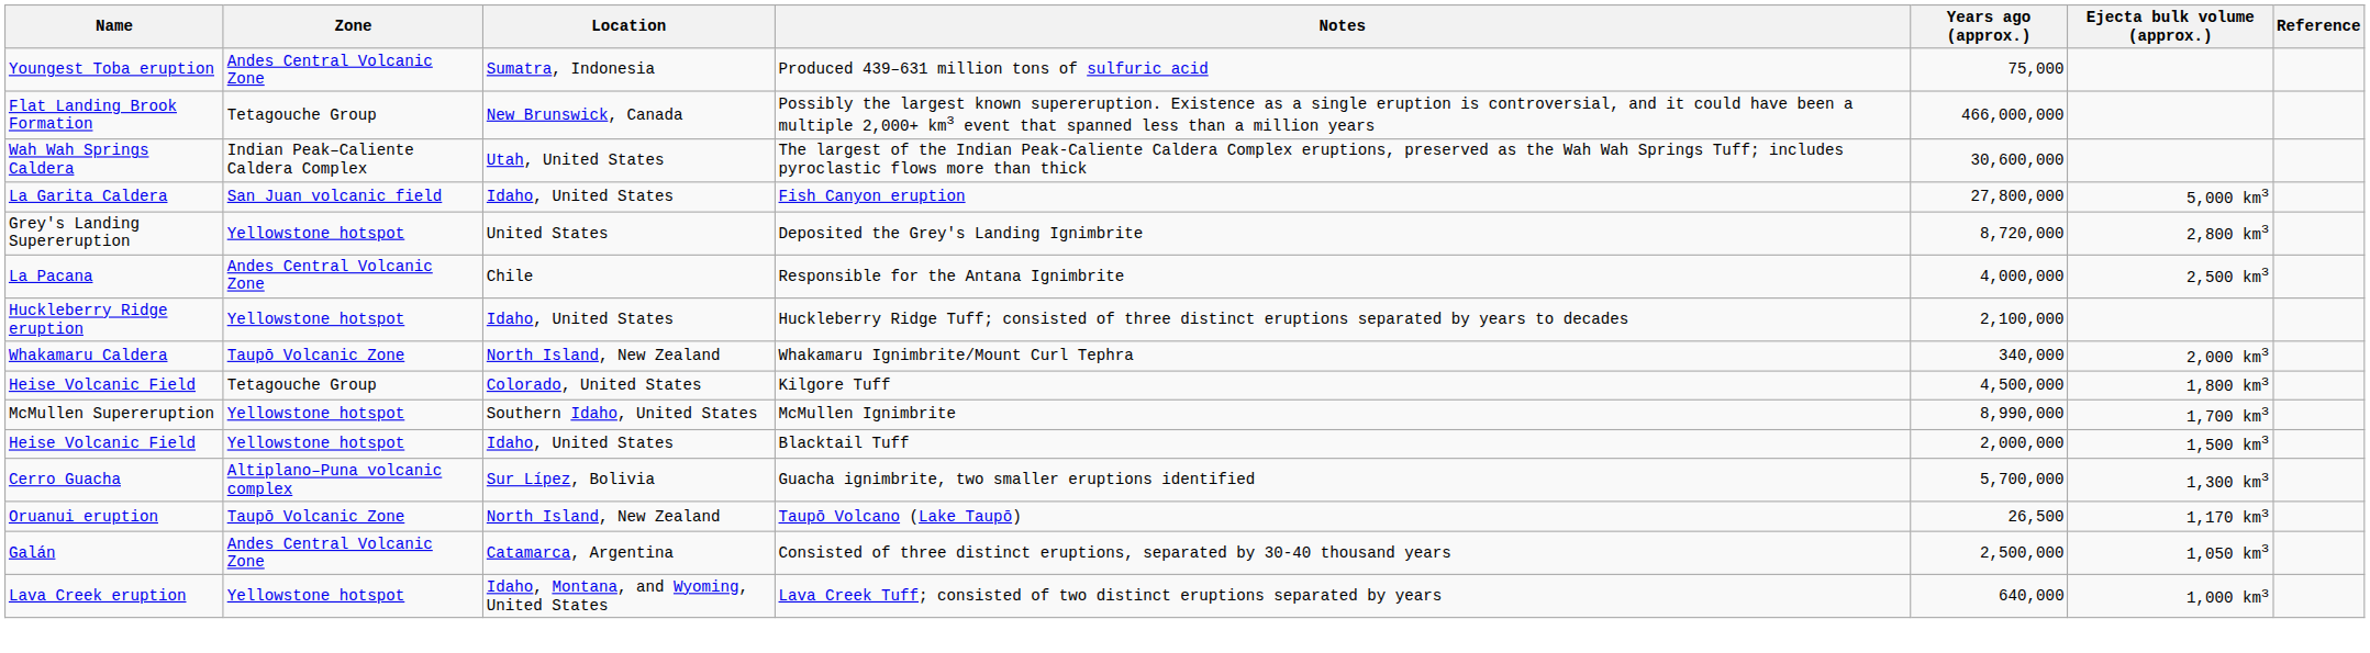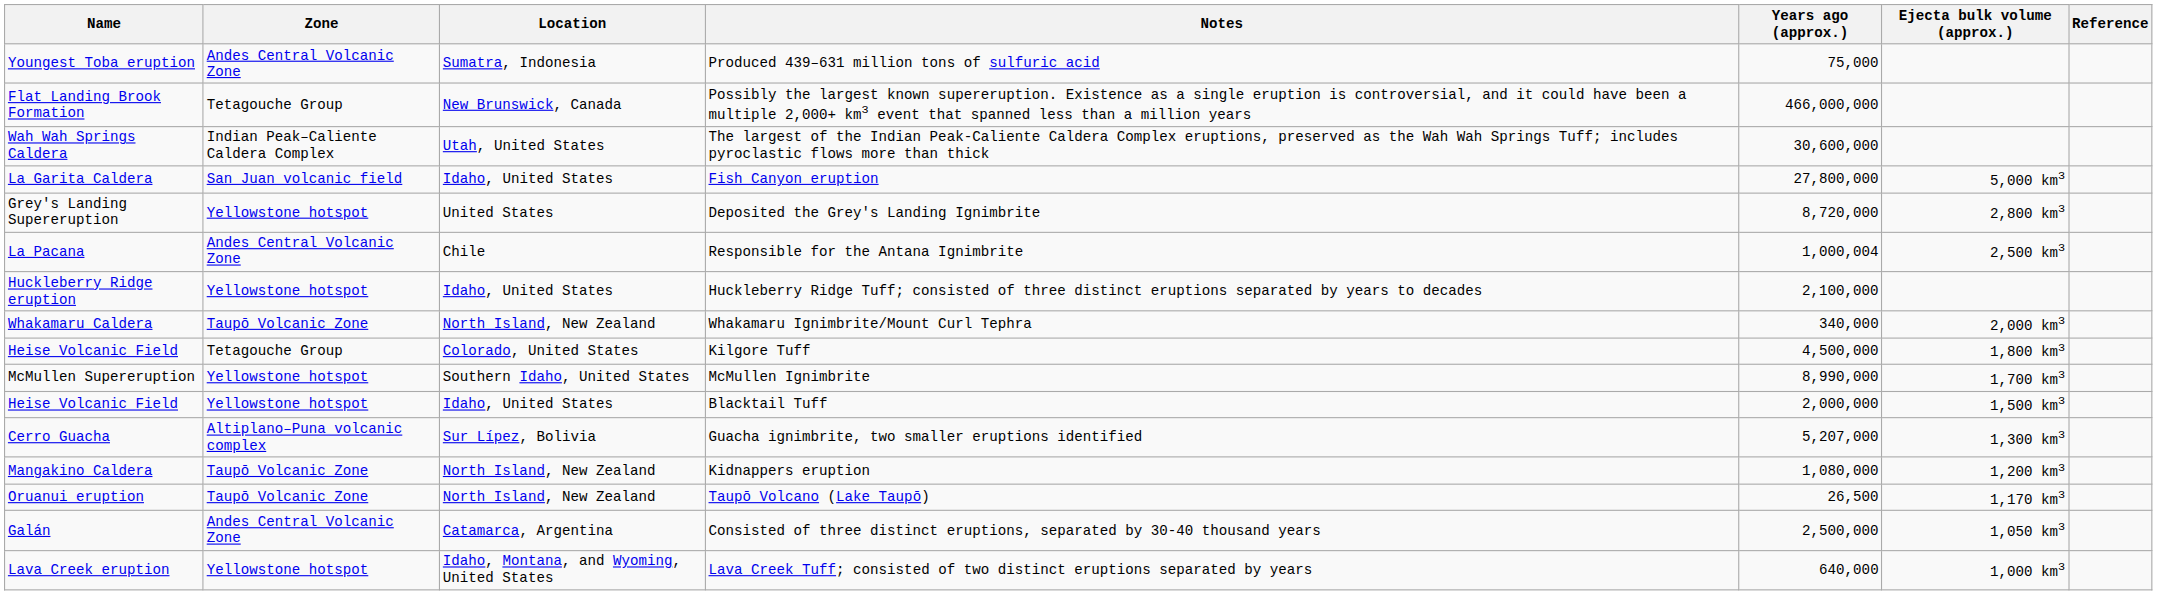 <table class="wikitable sortable mw-collapsible" style="whitespace:no-wrap">
 <tr>
 <th>Name</th>
 <th>Zone</th>
 <th>Location</th>
 <th class=unsortable>Notes</th>
 <th>Years ago (approx.)</th>
 <th>Ejecta bulk volume (approx.)</th>
 <th class=unsortable>Reference</th>
 </tr>
 <tr>
 <td><a href='#'>Youngest Toba eruption</a></td>
 <td><a href='#'>Andes Central Volcanic Zone</a></td>
 <td><a href='#'>Sumatra</a>, Indonesia</td>
 <td>Produced 439–631 million tons of <a href='#'>sulfuric acid</a></td>
 <td style="text-align:right;">75,000</td>
 <td style="text-align:right;"></td>
 <td></td>
 </tr>
 <tr>
 <td><a href='#'>Flat Landing Brook Formation</a></td>
 <td>Tetagouche Group</td>
 <td><a href='#'>New Brunswick</a>, Canada</td>
 <td>Possibly the largest known supereruption. Existence as a single eruption is controversial, and it could have been a multiple 2,000+ km<sup>3</sup> event that spanned less than a million years</td>
 <td style="text-align:right;">466,000,000</td>
 <td style="text-align:right;"></td>
 <td></td>
 </tr>
 <tr>
 <td><a href='#'>Wah Wah Springs Caldera</a></td>
 <td>Indian Peak–Caliente Caldera Complex</td>
 <td><a href='#'>Utah</a>, United States</td>
 <td>The largest of the Indian Peak-Caliente Caldera Complex eruptions, preserved as the Wah Wah Springs Tuff; includes pyroclastic flows more than  thick</td>
 <td style="text-align:right;">30,600,000</td>
 <td style="text-align:right;"></td>
 <td></td>
 </tr>
 <tr>
 <td><a href='#'>La Garita Caldera</a></td>
 <td><a href='#'>San Juan volcanic field</a></td>
 <td><a href='#'>Idaho</a>, United States</td>
 <td><a href='#'>Fish Canyon eruption</a></td>
 <td style="text-align:right;">27,800,000</td>
 <td style="text-align:right;">5,000 km<sup>3</sup></td>
 <td></td>
 </tr>
 <tr>
 <td>Grey's Landing Supereruption</td>
 <td><a href='#'>Yellowstone hotspot</a></td>
 <td>United States</td>
 <td>Deposited the Grey's Landing Ignimbrite</td>
 <td style="text-align:right;">8,720,000</td>
 <td style="text-align:right;">2,800 km<sup>3</sup></td>
 <td></td>
 </tr>
 <tr>
 <td><a href='#'>La Pacana</a></td>
 <td><a href='#'>Andes Central Volcanic Zone</a></td>
 <td>Chile</td>
 <td>Responsible for the Antana Ignimbrite</td>
-<td style="text-align:right;">4,000,000</td>
+<td style="text-align:right;">1,000,004</td>
 <td style="text-align:right;">2,500 km<sup>3</sup></td>
 <td></td>
 </tr>
 <tr>
 <td><a href='#'>Huckleberry Ridge eruption</a></td>
 <td><a href='#'>Yellowstone hotspot</a></td>
 <td><a href='#'>Idaho</a>, United States</td>
 <td>Huckleberry Ridge Tuff; consisted of three distinct eruptions separated by years to decades</td>
 <td style="text-align:right;">2,100,000</td>
 <td style="text-align:right;"></td>
 <td></td>
 </tr>
 <tr>
 <td><a href='#'>Whakamaru Caldera</a></td>
 <td><a href='#'>Taupō Volcanic Zone</a></td>
 <td><a href='#'>North Island</a>, New Zealand</td>
 <td>Whakamaru Ignimbrite/Mount Curl Tephra</td>
 <td style="text-align:right;">340,000</td>
 <td style="text-align:right;">2,000 km<sup>3</sup></td>
 <td></td>
 </tr>
 <tr>
 <td><a href='#'>Heise Volcanic Field</a></td>
 <td>Tetagouche Group</td>
 <td><a href='#'>Colorado</a>, United States</td>
 <td>Kilgore Tuff</td>
 <td style="text-align:right;">4,500,000</td>
 <td style="text-align:right;">1,800 km<sup>3</sup></td>
 <td></td>
 </tr>
 <tr>
 <td>McMullen Supereruption</td>
 <td><a href='#'>Yellowstone hotspot</a></td>
 <td>Southern <a href='#'>Idaho</a>, United States</td>
 <td>McMullen Ignimbrite</td>
 <td style="text-align:right;">8,990,000</td>
 <td style="text-align:right;">1,700 km<sup>3</sup></td>
 <td></td>
 </tr>
 <tr>
 <td><a href='#'>Heise Volcanic Field</a></td>
 <td><a href='#'>Yellowstone hotspot</a></td>
 <td><a href='#'>Idaho</a>, United States</td>
 <td>Blacktail Tuff</td>
 <td style="text-align:right;">2,000,000</td>
 <td style="text-align:right;">1,500 km<sup>3</sup></td>
 <td></td>
 </tr>
 <tr>
 <td><a href='#'>Cerro Guacha</a></td>
 <td><a href='#'>Altiplano–Puna volcanic complex</a></td>
 <td><a href='#'>Sur Lípez</a>, Bolivia</td>
 <td>Guacha ignimbrite, two smaller eruptions identified</td>
-<td style="text-align:right;">5,700,000</td>
+<td style="text-align:right;">5,207,000</td>
 <td style="text-align:right;">1,300 km<sup>3</sup></td>
+<td></td>
+</tr>
+<tr>
+<td><a href='#'>Mangakino Caldera</a></td>
+<td><a href='#'>Taupō Volcanic Zone</a></td>
+<td><a href='#'>North Island</a>, New Zealand</td>
+<td>Kidnappers eruption</td>
+<td style="text-align:right;">1,080,000</td>
+<td style="text-align:right;">1,200 km<sup>3</sup></td>
 <td></td>
 </tr>
 <tr>
 <td><a href='#'>Oruanui eruption</a></td>
 <td><a href='#'>Taupō Volcanic Zone</a></td>
 <td><a href='#'>North Island</a>, New Zealand</td>
 <td><a href='#'>Taupō Volcano</a> (<a href='#'>Lake Taupō</a>)</td>
 <td style="text-align:right;">26,500</td>
 <td style="text-align:right;">1,170 km<sup>3</sup></td>
 <td></td>
 </tr>
 <tr>
 <td><a href='#'>Galán</a></td>
 <td><a href='#'>Andes Central Volcanic Zone</a></td>
 <td><a href='#'>Catamarca</a>, Argentina</td>
 <td>Consisted of three distinct eruptions, separated by 30-40 thousand years</td>
 <td style="text-align:right;">2,500,000</td>
 <td style="text-align:right;">1,050 km<sup>3</sup></td>
 <td></td>
 </tr>
 <tr>
 <td><a href='#'>Lava Creek eruption</a></td>
 <td><a href='#'>Yellowstone hotspot</a></td>
 <td><a href='#'>Idaho</a>, <a href='#'>Montana</a>, and <a href='#'>Wyoming</a>, United States</td>
 <td><a href='#'>Lava Creek Tuff</a>; consisted of two distinct eruptions separated by years</td>
 <td style="text-align:right;">640,000</td>
 <td style="text-align:right;">1,000 km<sup>3</sup></td>
 <td></td>
 </tr>
 </table>
